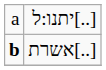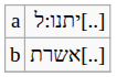 <table class="wikitable" style="text-align: right;">
 <tr>
 <td>a</td>
 <td>יתנו:ל[..]</td>
 </tr>
 <tr>
-<td><strong>b</strong></td>
+<td>b</td>
 <td>אשרת[..]</td>
 </tr>
 <tr>
 </tr>
 </table>
